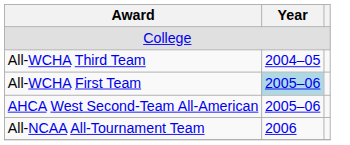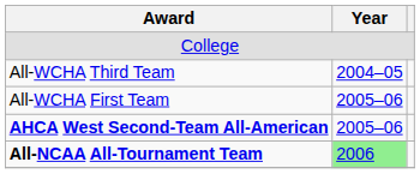 <table class="wikitable">
 <tr>
 <th>Award</th>
 <th>Year</th>
 <th></th>
 </tr>
 <tr ALIGN="center" bgcolor="#e0e0e0">
 <td colspan="3"><a href='#'>College</a></td>
 </tr>
 <tr>
 <td>All-<a href='#'>WCHA</a> <a href='#'>Third Team</a></td>
 <td><a href='#'>2004–05</a></td>
 <td></td>
 </tr>
 <tr>
 <td>All-<a href='#'>WCHA</a> <a href='#'>First Team</a></td>
-<td style="background: lightblue;"><a href='#'>2005–06</a></td>
-<td></td>
-</tr>
-<tr>
-<td><a href='#'>AHCA</a> <a href='#'>West Second-Team All-American</a></td>
 <td><a href='#'>2005–06</a></td>
 <td></td>
 </tr>
 <tr>
-<td>All-<a href='#'>NCAA</a> <a href='#'>All-Tournament Team</a></td>
-<td><a href='#'>2006</a></td>
+<td><strong><a href='#'>AHCA</a> <a href='#'>West Second-Team All-American</a></strong></td>
+<td><a href='#'>2005–06</a></td>
+<td></td>
+</tr>
+<tr>
+<td><strong>All-<a href='#'>NCAA</a> <a href='#'>All-Tournament Team</a></strong></td>
+<td style="background: lightgreen;"><a href='#'>2006</a></td>
 <td></td>
 </tr>
 <tr>
 </tr>
 </table>
